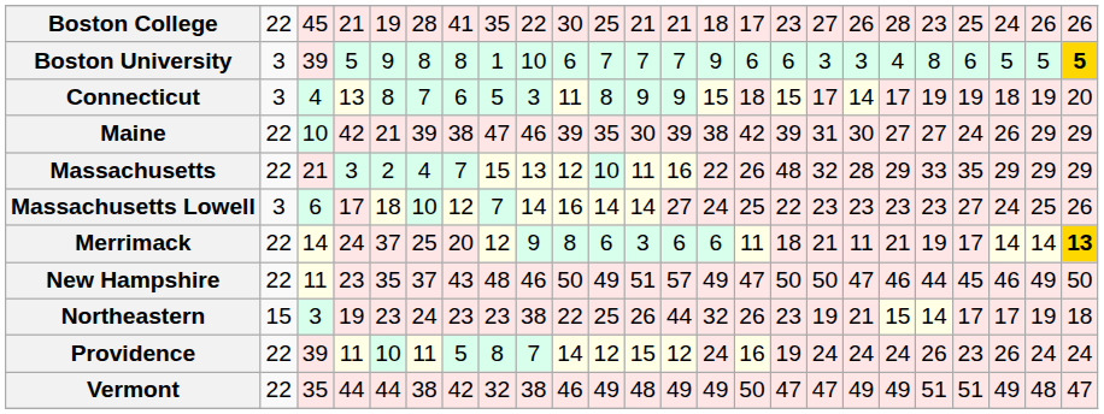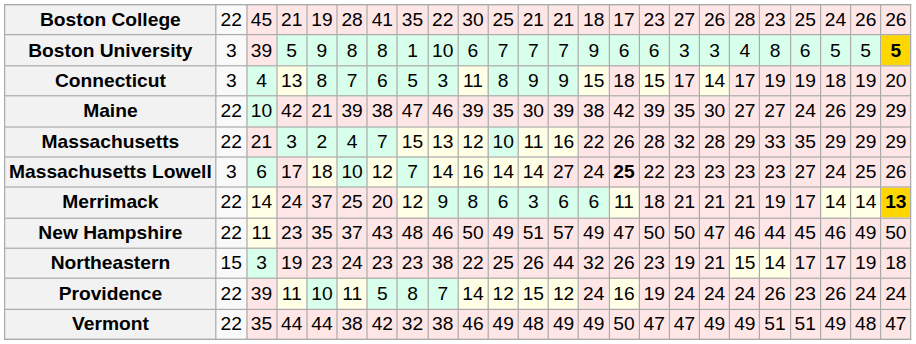 <table class="wikitable sortable" style="text-align: center;">
 <tr>
 </tr>
 <tr>
 <th>Boston College</th>
 <td>22</td>
 <td bgcolor=FFE6E6>45</td>
 <td bgcolor=FFE6E6>21</td>
 <td bgcolor=FFE6E6>19</td>
 <td bgcolor=FFE6E6>28</td>
 <td bgcolor=FFE6E6>41</td>
 <td bgcolor=FFE6E6>35</td>
 <td bgcolor=FFE6E6>22</td>
 <td bgcolor=FFE6E6>30</td>
 <td bgcolor=FFE6E6>25</td>
 <td bgcolor=FFE6E6>21</td>
 <td bgcolor=FFE6E6>21</td>
 <td bgcolor=FFE6E6>18</td>
 <td bgcolor=FFE6E6>17</td>
 <td bgcolor=FFE6E6>23</td>
 <td bgcolor=FFE6E6>27</td>
 <td bgcolor=FFE6E6>26</td>
 <td bgcolor=FFE6E6>28</td>
 <td bgcolor=FFE6E6>23</td>
 <td bgcolor=FFE6E6>25</td>
 <td bgcolor=FFE6E6>24</td>
 <td bgcolor=FFE6E6>26</td>
 <td bgcolor=FFE6E6>26</td>
 </tr>
 <tr>
 <th>Boston University</th>
 <td>3</td>
 <td bgcolor=FFE6E6>39</td>
 <td bgcolor=D8FFEB>5</td>
 <td bgcolor=D8FFEB>9</td>
 <td bgcolor=D8FFEB>8</td>
 <td bgcolor=D8FFEB>8</td>
 <td bgcolor=D8FFEB>1</td>
 <td bgcolor=D8FFEB>10</td>
 <td bgcolor=D8FFEB>6</td>
 <td bgcolor=D8FFEB>7</td>
 <td bgcolor=D8FFEB>7</td>
 <td bgcolor=D8FFEB>7</td>
 <td bgcolor=D8FFEB>9</td>
 <td bgcolor=D8FFEB>6</td>
 <td bgcolor=D8FFEB>6</td>
 <td bgcolor=D8FFEB>3</td>
 <td bgcolor=D8FFEB>3</td>
 <td bgcolor=D8FFEB>4</td>
 <td bgcolor=D8FFEB>8</td>
 <td bgcolor=D8FFEB>6</td>
 <td bgcolor=D8FFEB>5</td>
 <td bgcolor=D8FFEB>5</td>
 <td bgcolor=gold><strong>5</strong></td>
 </tr>
 <tr>
 <th>Connecticut</th>
 <td>3</td>
 <td bgcolor=D8FFEB>4</td>
 <td bgcolor=FFFFE6>13</td>
 <td bgcolor=D8FFEB>8</td>
 <td bgcolor=D8FFEB>7</td>
 <td bgcolor=D8FFEB>6</td>
 <td bgcolor=D8FFEB>5</td>
 <td bgcolor=D8FFEB>3</td>
 <td bgcolor=FFFFE6>11</td>
 <td bgcolor=D8FFEB>8</td>
 <td bgcolor=D8FFEB>9</td>
 <td bgcolor=D8FFEB>9</td>
 <td bgcolor=FFFFE6>15</td>
 <td bgcolor=FFE6E6>18</td>
 <td bgcolor=FFFFE6>15</td>
 <td bgcolor=FFE6E6>17</td>
 <td bgcolor=FFFFE6>14</td>
 <td bgcolor=FFE6E6>17</td>
 <td bgcolor=FFE6E6>19</td>
 <td bgcolor=FFE6E6>19</td>
 <td bgcolor=FFE6E6>18</td>
 <td bgcolor=FFE6E6>19</td>
 <td bgcolor=FFE6E6>20</td>
 </tr>
 <tr>
 <th>Maine</th>
 <td>22</td>
 <td bgcolor=D8FFEB>10</td>
 <td bgcolor=FFE6E6>42</td>
 <td bgcolor=FFE6E6>21</td>
 <td bgcolor=FFE6E6>39</td>
 <td bgcolor=FFE6E6>38</td>
 <td bgcolor=FFE6E6>47</td>
 <td bgcolor=FFE6E6>46</td>
 <td bgcolor=FFE6E6>39</td>
 <td bgcolor=FFE6E6>35</td>
 <td bgcolor=FFE6E6>30</td>
 <td bgcolor=FFE6E6>39</td>
 <td bgcolor=FFE6E6>38</td>
 <td bgcolor=FFE6E6>42</td>
 <td bgcolor=FFE6E6>39</td>
-<td bgcolor=FFE6E6>31</td>
+<td bgcolor=FFE6E6>35</td>
 <td bgcolor=FFE6E6>30</td>
 <td bgcolor=FFE6E6>27</td>
 <td bgcolor=FFE6E6>27</td>
 <td bgcolor=FFE6E6>24</td>
 <td bgcolor=FFE6E6>26</td>
 <td bgcolor=FFE6E6>29</td>
 <td bgcolor=FFE6E6>29</td>
 </tr>
 <tr>
 <th>Massachusetts</th>
 <td>22</td>
 <td bgcolor=FFE6E6>21</td>
 <td bgcolor=D8FFEB>3</td>
 <td bgcolor=D8FFEB>2</td>
 <td bgcolor=D8FFEB>4</td>
 <td bgcolor=D8FFEB>7</td>
 <td bgcolor=FFFFE6>15</td>
 <td bgcolor=FFFFE6>13</td>
 <td bgcolor=FFFFE6>12</td>
 <td bgcolor=D8FFEB>10</td>
 <td bgcolor=FFFFE6>11</td>
 <td bgcolor=FFFFE6>16</td>
 <td bgcolor=FFE6E6>22</td>
 <td bgcolor=FFE6E6>26</td>
-<td bgcolor=FFE6E6>48</td>
+<td bgcolor=FFE6E6>28</td>
 <td bgcolor=FFE6E6>32</td>
 <td bgcolor=FFE6E6>28</td>
 <td bgcolor=FFE6E6>29</td>
 <td bgcolor=FFE6E6>33</td>
 <td bgcolor=FFE6E6>35</td>
 <td bgcolor=FFE6E6>29</td>
 <td bgcolor=FFE6E6>29</td>
 <td bgcolor=FFE6E6>29</td>
 </tr>
 <tr>
 <th>Massachusetts Lowell</th>
 <td>3</td>
 <td bgcolor=D8FFEB>6</td>
 <td bgcolor=FFE6E6>17</td>
 <td bgcolor=FFFFE6>18</td>
 <td bgcolor=D8FFEB>10</td>
 <td bgcolor=FFFFE6>12</td>
 <td bgcolor=D8FFEB>7</td>
 <td bgcolor=FFFFE6>14</td>
 <td bgcolor=FFFFE6>16</td>
 <td bgcolor=FFFFE6>14</td>
 <td bgcolor=FFFFE6>14</td>
 <td bgcolor=FFE6E6>27</td>
 <td bgcolor=FFE6E6>24</td>
-<td bgcolor=FFE6E6>25</td>
+<td bgcolor=FFE6E6><strong>25</strong></td>
 <td bgcolor=FFE6E6>22</td>
 <td bgcolor=FFE6E6>23</td>
 <td bgcolor=FFE6E6>23</td>
 <td bgcolor=FFE6E6>23</td>
 <td bgcolor=FFE6E6>23</td>
 <td bgcolor=FFE6E6>27</td>
 <td bgcolor=FFE6E6>24</td>
 <td bgcolor=FFE6E6>25</td>
 <td bgcolor=FFE6E6>26</td>
 </tr>
 <tr>
 <th>Merrimack</th>
 <td>22</td>
 <td bgcolor=FFFFE6>14</td>
 <td bgcolor=FFE6E6>24</td>
 <td bgcolor=FFE6E6>37</td>
 <td bgcolor=FFE6E6>25</td>
 <td bgcolor=FFE6E6>20</td>
 <td bgcolor=FFFFE6>12</td>
 <td bgcolor=D8FFEB>9</td>
 <td bgcolor=D8FFEB>8</td>
 <td bgcolor=D8FFEB>6</td>
 <td bgcolor=D8FFEB>3</td>
 <td bgcolor=D8FFEB>6</td>
 <td bgcolor=D8FFEB>6</td>
 <td bgcolor=FFFFE6>11</td>
 <td bgcolor=FFE6E6>18</td>
 <td bgcolor=FFE6E6>21</td>
-<td bgcolor=FFE6E6>11</td>
+<td bgcolor=FFE6E6>21</td>
 <td bgcolor=FFE6E6>21</td>
 <td bgcolor=FFE6E6>19</td>
 <td bgcolor=FFE6E6>17</td>
 <td bgcolor=FFFFE6>14</td>
 <td bgcolor=FFFFE6>14</td>
 <td bgcolor=gold><strong>13</strong></td>
 </tr>
 <tr>
 <th>New Hampshire</th>
 <td>22</td>
 <td bgcolor=FFFFE6>11</td>
 <td bgcolor=FFE6E6>23</td>
 <td bgcolor=FFE6E6>35</td>
 <td bgcolor=FFE6E6>37</td>
 <td bgcolor=FFE6E6>43</td>
 <td bgcolor=FFE6E6>48</td>
 <td bgcolor=FFE6E6>46</td>
 <td bgcolor=FFE6E6>50</td>
 <td bgcolor=FFE6E6>49</td>
 <td bgcolor=FFE6E6>51</td>
 <td bgcolor=FFE6E6>57</td>
 <td bgcolor=FFE6E6>49</td>
 <td bgcolor=FFE6E6>47</td>
 <td bgcolor=FFE6E6>50</td>
 <td bgcolor=FFE6E6>50</td>
 <td bgcolor=FFE6E6>47</td>
 <td bgcolor=FFE6E6>46</td>
 <td bgcolor=FFE6E6>44</td>
 <td bgcolor=FFE6E6>45</td>
 <td bgcolor=FFE6E6>46</td>
 <td bgcolor=FFE6E6>49</td>
 <td bgcolor=FFE6E6>50</td>
 </tr>
 <tr>
 <th>Northeastern</th>
 <td>15</td>
 <td bgcolor=D8FFEB>3</td>
 <td bgcolor=FFE6E6>19</td>
 <td bgcolor=FFE6E6>23</td>
 <td bgcolor=FFE6E6>24</td>
 <td bgcolor=FFE6E6>23</td>
 <td bgcolor=FFE6E6>23</td>
 <td bgcolor=FFE6E6>38</td>
 <td bgcolor=FFE6E6>22</td>
 <td bgcolor=FFE6E6>25</td>
 <td bgcolor=FFE6E6>26</td>
 <td bgcolor=FFE6E6>44</td>
 <td bgcolor=FFE6E6>32</td>
 <td bgcolor=FFE6E6>26</td>
 <td bgcolor=FFE6E6>23</td>
 <td bgcolor=FFE6E6>19</td>
 <td bgcolor=FFE6E6>21</td>
 <td bgcolor=FFFFE6>15</td>
 <td bgcolor=FFFFE6>14</td>
 <td bgcolor=FFE6E6>17</td>
 <td bgcolor=FFE6E6>17</td>
 <td bgcolor=FFE6E6>19</td>
 <td bgcolor=FFE6E6>18</td>
 </tr>
 <tr>
 <th>Providence</th>
 <td>22</td>
 <td bgcolor=FFE6E6>39</td>
 <td bgcolor=FFFFE6>11</td>
 <td bgcolor=D8FFEB>10</td>
 <td bgcolor=FFFFE6>11</td>
 <td bgcolor=D8FFEB>5</td>
 <td bgcolor=D8FFEB>8</td>
 <td bgcolor=D8FFEB>7</td>
 <td bgcolor=FFFFE6>14</td>
 <td bgcolor=FFFFE6>12</td>
 <td bgcolor=FFFFE6>15</td>
 <td bgcolor=FFFFE6>12</td>
 <td bgcolor=FFE6E6>24</td>
 <td bgcolor=FFFFE6>16</td>
 <td bgcolor=FFE6E6>19</td>
 <td bgcolor=FFE6E6>24</td>
 <td bgcolor=FFE6E6>24</td>
 <td bgcolor=FFE6E6>24</td>
 <td bgcolor=FFE6E6>26</td>
 <td bgcolor=FFE6E6>23</td>
 <td bgcolor=FFE6E6>26</td>
 <td bgcolor=FFE6E6>24</td>
 <td bgcolor=FFE6E6>24</td>
 </tr>
 <tr>
 <th>Vermont</th>
 <td>22</td>
 <td bgcolor=FFE6E6>35</td>
 <td bgcolor=FFE6E6>44</td>
 <td bgcolor=FFE6E6>44</td>
 <td bgcolor=FFE6E6>38</td>
 <td bgcolor=FFE6E6>42</td>
 <td bgcolor=FFE6E6>32</td>
 <td bgcolor=FFE6E6>38</td>
 <td bgcolor=FFE6E6>46</td>
 <td bgcolor=FFE6E6>49</td>
 <td bgcolor=FFE6E6>48</td>
 <td bgcolor=FFE6E6>49</td>
 <td bgcolor=FFE6E6>49</td>
 <td bgcolor=FFE6E6>50</td>
 <td bgcolor=FFE6E6>47</td>
 <td bgcolor=FFE6E6>47</td>
 <td bgcolor=FFE6E6>49</td>
 <td bgcolor=FFE6E6>49</td>
 <td bgcolor=FFE6E6>51</td>
 <td bgcolor=FFE6E6>51</td>
 <td bgcolor=FFE6E6>49</td>
 <td bgcolor=FFE6E6>48</td>
 <td bgcolor=FFE6E6>47</td>
 </tr>
 <tr>
 </tr>
 </table>
